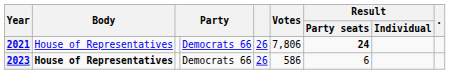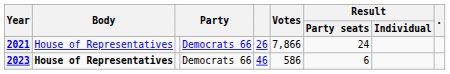 <table class="wikitable plainrowheaders sortable" border=2 cellpadding=4 cellspacing=0 style="border: 1px #aaa solid; font-size: 90%; text-align:center;">
 <tr>
 <th scope="col" rowspan=2>Year</th>
 <th scope="col" rowspan=2>Body</th>
 <th scope="col" colspan=2 rowspan=2>Party</th>
 <th scope="col" rowspan=2></th>
 <th scope="col" rowspan=2>Votes</th>
 <th scope="colgroup" colspan=2>Result</th>
 <th scope="col" rowspan=2 class="unsortable">.</th>
 </tr>
 <tr>
 <th scope="col">Party seats</th>
 <th scope="col">Individual</th>
 </tr>
 <tr>
 <th scope="row"><a href='#'>2021</a></th>
 <td><a href='#'>House of Representatives</a></td>
 <td style="background-color:"></td>
 <td><a href='#'>Democrats 66</a></td>
 <td style=text-align:right><a href='#'>26</a></td>
-<td style=text-align:right>7,806</td>
-<td style=text-align:right><strong>24</strong></td>
+<td style=text-align:right>7,866</td>
+<td style=text-align:right>24</td>
 <td></td>
 <td></td>
 </tr>
 <tr>
 <th scope="row"><a href='#'>2023</a></th>
 <td><strong>House of Representatives</strong></td>
 <td style="background-color:"></td>
 <td>Democrats 66</td>
-<td style=text-align:right><a href='#'>26</a></td>
+<td style=text-align:right><a href='#'>46</a></td>
 <td style=text-align:right>586</td>
 <td style=text-align:right>6</td>
 <td></td>
 <td></td>
 </tr>
 </table>
